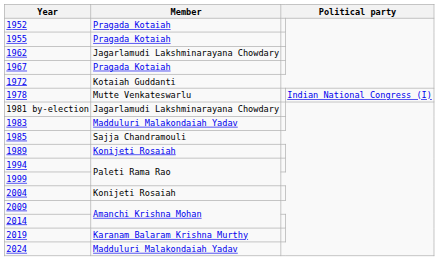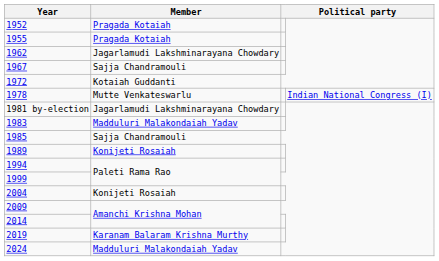 <table class="wikitable sortable">
 <tr>
 <th>Year</th>
 <th>Member</th>
 <th colspan="2">Political party</th>
 </tr>
 <tr>
 <td><a href='#'>1952</a></td>
 <td><a href='#'>Pragada Kotaiah</a></td>
 <td></td>
 </tr>
 <tr>
 <td><a href='#'>1955</a></td>
 <td><a href='#'>Pragada Kotaiah</a></td>
 <td></td>
 </tr>
 <tr>
 <td><a href='#'>1962</a></td>
 <td>Jagarlamudi Lakshminarayana Chowdary</td>
 <td></td>
 </tr>
 <tr>
 <td><a href='#'>1967</a></td>
-<td><a href='#'>Pragada Kotaiah</a></td>
+<td>Sajja Chandramouli</td>
 <td></td>
 </tr>
 <tr>
 <td><a href='#'>1972</a></td>
 <td>Kotaiah Guddanti</td>
 </tr>
 <tr>
 <td><a href='#'>1978</a></td>
 <td>Mutte Venkateswarlu</td>
 <td style="background-color: "></td>
 <td><a href='#'>Indian National Congress (I)</a></td>
 </tr>
 <tr>
 <td>1981 by-election</td>
 <td>Jagarlamudi Lakshminarayana Chowdary</td>
 <td></td>
 </tr>
 <tr>
 <td><a href='#'>1983</a></td>
 <td><a href='#'>Madduluri Malakondaiah Yadav</a></td>
 <td></td>
 </tr>
 <tr>
 <td><a href='#'>1985</a></td>
 <td>Sajja Chandramouli</td>
 </tr>
 <tr>
 <td><a href='#'>1989</a></td>
 <td><a href='#'>Konijeti Rosaiah</a></td>
 <td></td>
 </tr>
 <tr>
 <td><a href='#'>1994</a></td>
 <td rowspan=2>Paleti Rama Rao</td>
 <td></td>
 </tr>
 <tr>
 <td><a href='#'>1999</a></td>
 </tr>
 <tr>
 <td><a href='#'>2004</a></td>
 <td>Konijeti Rosaiah</td>
 <td></td>
 </tr>
 <tr>
 <td><a href='#'>2009</a></td>
 <td rowspan=2><a href='#'>Amanchi Krishna Mohan</a></td>
 </tr>
 <tr>
 <td><a href='#'>2014</a></td>
 <td></td>
 </tr>
 <tr>
 <td><a href='#'>2019</a></td>
 <td><a href='#'>Karanam Balaram Krishna Murthy</a></td>
 <td></td>
 </tr>
 <tr>
 <td><a href='#'>2024</a></td>
 <td><a href='#'>Madduluri Malakondaiah Yadav</a></td>
 </tr>
 </table>
